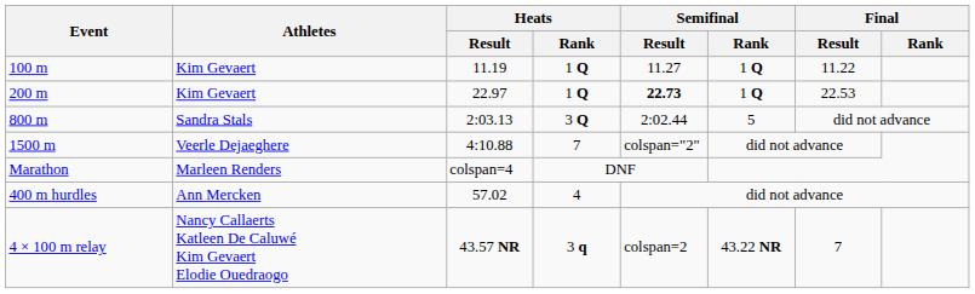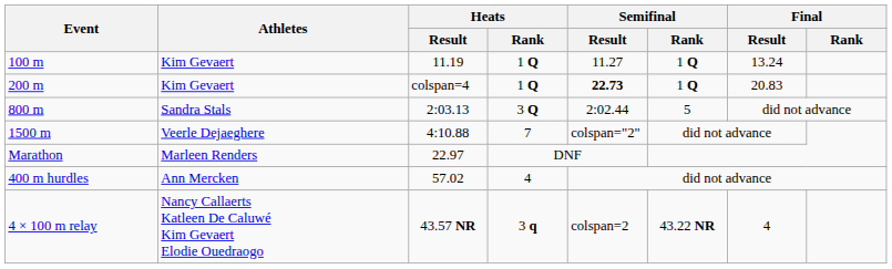 <table class="wikitable" border="1" style="font-size:90%">
 <tr>
 <th rowspan="2" width="150">Event</th>
 <th rowspan="2" width="250">Athletes</th>
 <th colspan="2" width="150">Heats</th>
 <th colspan="2" width="150">Semifinal</th>
 <th colspan="2" width="150">Final</th>
 </tr>
 <tr>
 <th width="75">Result</th>
 <th width="75">Rank</th>
 <th width="75">Result</th>
 <th width="75">Rank</th>
 <th width="75">Result</th>
 <th width="75">Rank</th>
 </tr>
 <tr>
 <td><a href='#'>100 m</a></td>
 <td><a href='#'>Kim Gevaert</a></td>
 <td align=center>11.19</td>
 <td align=center>1 <strong>Q</strong></td>
 <td align=center>11.27</td>
 <td align=center>1 <strong>Q</strong></td>
-<td align=center>11.22</td>
+<td align=center>13.24</td>
 <td align=center></td>
 </tr>
 <tr>
 <td><a href='#'>200 m</a></td>
 <td><a href='#'>Kim Gevaert</a></td>
-<td align=center>22.97</td>
+<td>colspan=4</td>
 <td align=center>1 <strong>Q</strong></td>
 <td align=center><strong>22.73</strong></td>
 <td align=center>1 <strong>Q</strong></td>
-<td align=center>22.53</td>
+<td align=center>20.83</td>
 <td align=center></td>
 </tr>
 <tr>
 <td><a href='#'>800 m</a></td>
 <td><a href='#'>Sandra Stals</a></td>
 <td align=center>2:03.13</td>
 <td align=center>3 <strong>Q</strong></td>
 <td align=center>2:02.44</td>
 <td align=center>5</td>
 <td align=center colspan=2>did not advance</td>
 </tr>
 <tr>
 <td><a href='#'>1500 m</a></td>
 <td><a href='#'>Veerle Dejaeghere</a></td>
 <td align=center>4:10.88</td>
 <td align=center>7</td>
 <td>colspan="2"</td>
 <td align=center colspan=2>did not advance</td>
 </tr>
 <tr>
 <td><a href='#'>Marathon</a></td>
 <td><a href='#'>Marleen Renders</a></td>
-<td>colspan=4</td>
+<td align=center>22.97</td>
 <td align=center colspan=2>DNF</td>
 </tr>
 <tr>
 <td><a href='#'>400 m hurdles</a></td>
 <td><a href='#'>Ann Mercken</a></td>
 <td align=center>57.02</td>
 <td align=center>4</td>
 <td align="center" colspan=4>did not advance</td>
 </tr>
 <tr>
 <td><a href='#'>4 × 100 m relay</a></td>
 <td><a href='#'>Nancy Callaerts</a><br><a href='#'>Katleen De Caluwé</a> <br><a href='#'>Kim Gevaert</a><br><a href='#'>Elodie Ouedraogo</a></td>
 <td align=center>43.57 <strong>NR</strong></td>
 <td align=center>3 <strong>q</strong></td>
 <td>colspan=2</td>
 <td align=center>43.22 <strong>NR</strong></td>
-<td align=center>7</td>
+<td align=center>4</td>
 </tr>
 </table>
